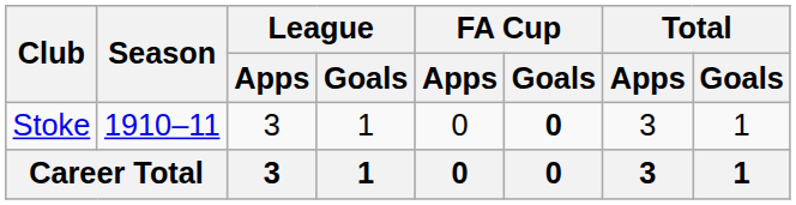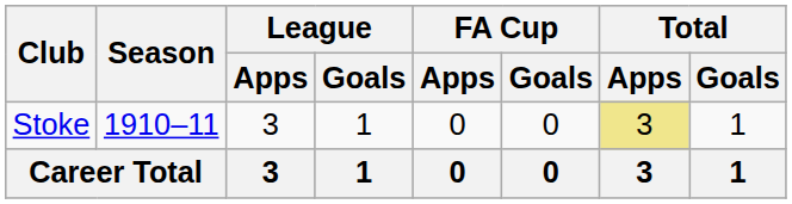 <table class="wikitable" style="text-align: center;">
 <tr>
 <th rowspan="2">Club</th>
 <th rowspan="2">Season</th>
 <th colspan="2">League</th>
 <th colspan="2">FA Cup</th>
 <th colspan="2">Total</th>
 </tr>
 <tr>
 <th>Apps</th>
 <th>Goals</th>
 <th>Apps</th>
 <th>Goals</th>
 <th>Apps</th>
 <th>Goals</th>
 </tr>
 <tr>
 <td><a href='#'>Stoke</a></td>
 <td><a href='#'>1910–11</a></td>
 <td>3</td>
 <td>1</td>
 <td>0</td>
-<td><strong>0</strong></td>
-<td>3</td>
+<td>0</td>
+<td style="background: khaki;">3</td>
 <td>1</td>
 </tr>
 <tr>
 <th colspan="2">Career Total</th>
 <th>3</th>
 <th>1</th>
 <th>0</th>
 <th>0</th>
 <th>3</th>
 <th>1</th>
 </tr>
 </table>
